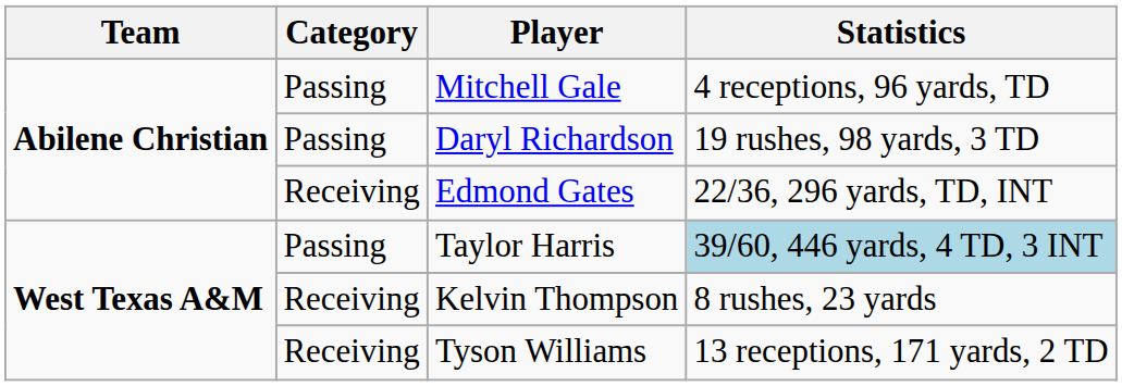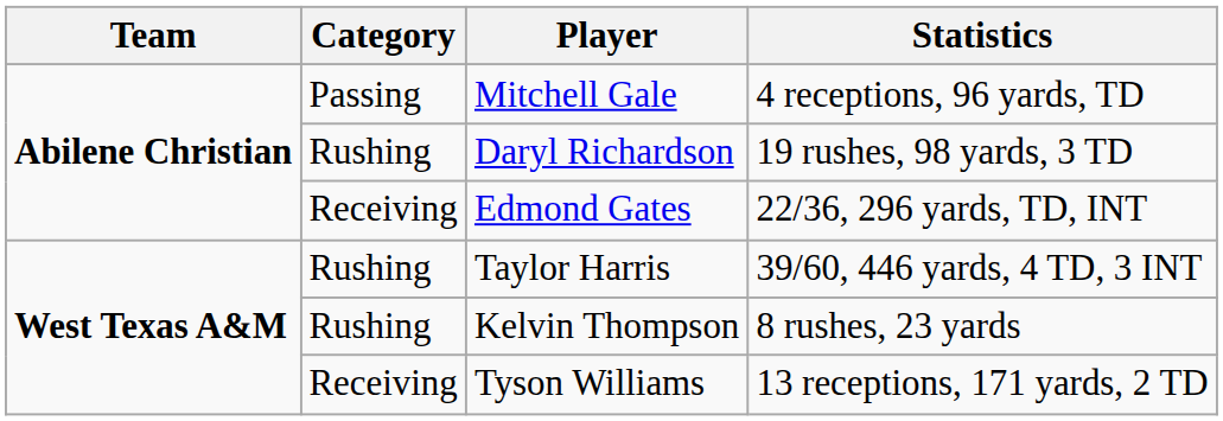 <table class="wikitable" style="float: left;">
 <tr>
 <th>Team</th>
 <th>Category</th>
 <th>Player</th>
 <th>Statistics</th>
 </tr>
 <tr>
 <td rowspan=3><strong>Abilene Christian</strong></td>
 <td>Passing</td>
 <td><a href='#'>Mitchell Gale</a></td>
 <td>4 receptions, 96 yards, TD</td>
 </tr>
 <tr>
-<td>Passing</td>
+<td>Rushing</td>
 <td><a href='#'>Daryl Richardson</a></td>
 <td>19 rushes, 98 yards, 3 TD</td>
 </tr>
 <tr>
 <td>Receiving</td>
 <td><a href='#'>Edmond Gates</a></td>
 <td>22/36, 296 yards, TD, INT</td>
 </tr>
 <tr>
 <td rowspan=3><strong>West Texas A&M</strong></td>
-<td>Passing</td>
+<td>Rushing</td>
 <td>Taylor Harris</td>
-<td style="background: lightblue;">39/60, 446 yards, 4 TD, 3 INT</td>
+<td>39/60, 446 yards, 4 TD, 3 INT</td>
 </tr>
 <tr>
-<td>Receiving</td>
+<td>Rushing</td>
 <td>Kelvin Thompson</td>
 <td>8 rushes, 23 yards</td>
 </tr>
 <tr>
 <td>Receiving</td>
 <td>Tyson Williams</td>
 <td>13 receptions, 171 yards, 2 TD</td>
 </tr>
 </table>
